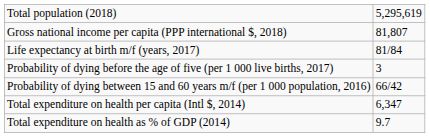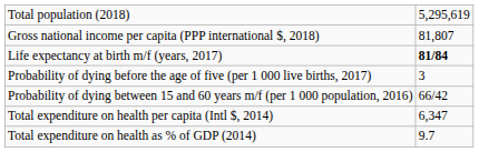 <table class="wikitable">
 <tr>
 <td>Total population (2018)</td>
 <td>5,295,619</td>
 </tr>
 <tr>
 <td>Gross national income per capita (PPP international $, 2018)</td>
 <td>81,807</td>
 </tr>
 <tr>
 <td>Life expectancy at birth m/f (years, 2017)</td>
-<td>81/84</td>
+<td><strong>81/84</strong></td>
 </tr>
 <tr>
 <td>Probability of dying before the age of five (per 1 000 live births, 2017)</td>
 <td>3</td>
 </tr>
 <tr>
 <td>Probability of dying between 15 and 60 years m/f (per 1 000 population, 2016)</td>
 <td>66/42</td>
 </tr>
 <tr>
 <td>Total expenditure on health per capita (Intl $, 2014)</td>
 <td>6,347</td>
 </tr>
 <tr>
 <td>Total expenditure on health as % of GDP (2014)</td>
 <td>9.7</td>
 </tr>
 </table>
